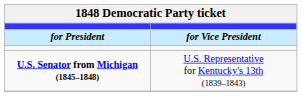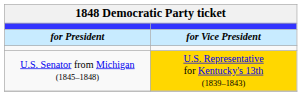 <table class="wikitable" style="font-size:90%; text-align:center;">
 <tr>
 <td style="background:#f1f1f1;" colspan="30"><big><strong>1848 Democratic Party ticket</strong></big></td>
 </tr>
 <tr>
 <th style="width:3em; font-size:135%; background:#3333FF; width:200px;"><a href='#'></a></th>
 <th style="width:3em; font-size:135%; background:#3333FF; width:200px;"><a href='#'></a></th>
 </tr>
 <tr>
 <td style="width:3em; font-size:100%; color:#000; background:#C8EBFF; width:200px;"><strong><em>for President</em></strong></td>
 <td style="width:3em; font-size:100%; color:#000; background:#C8EBFF; width:200px;"><strong><em>for Vice President</em></strong></td>
 </tr>
 <tr>
 <td></td>
 <td></td>
 </tr>
 <tr>
-<td><strong><a href='#'>U.S. Senator</a> from <a href='#'>Michigan</a><br><small>(1845–1848)</small></strong></td>
-<td><a href='#'>U.S. Representative</a><br>for <a href='#'>Kentucky's 13th</a><br><small>(1839–1843)</small></td>
+<td><a href='#'>U.S. Senator</a> from <a href='#'>Michigan</a><br><small>(1845–1848)</small></td>
+<td style="background: gold;"><a href='#'>U.S. Representative</a><br>for <a href='#'>Kentucky's 13th</a><br><small>(1839–1843)</small></td>
 </tr>
 <tr>
 </tr>
 </table>
